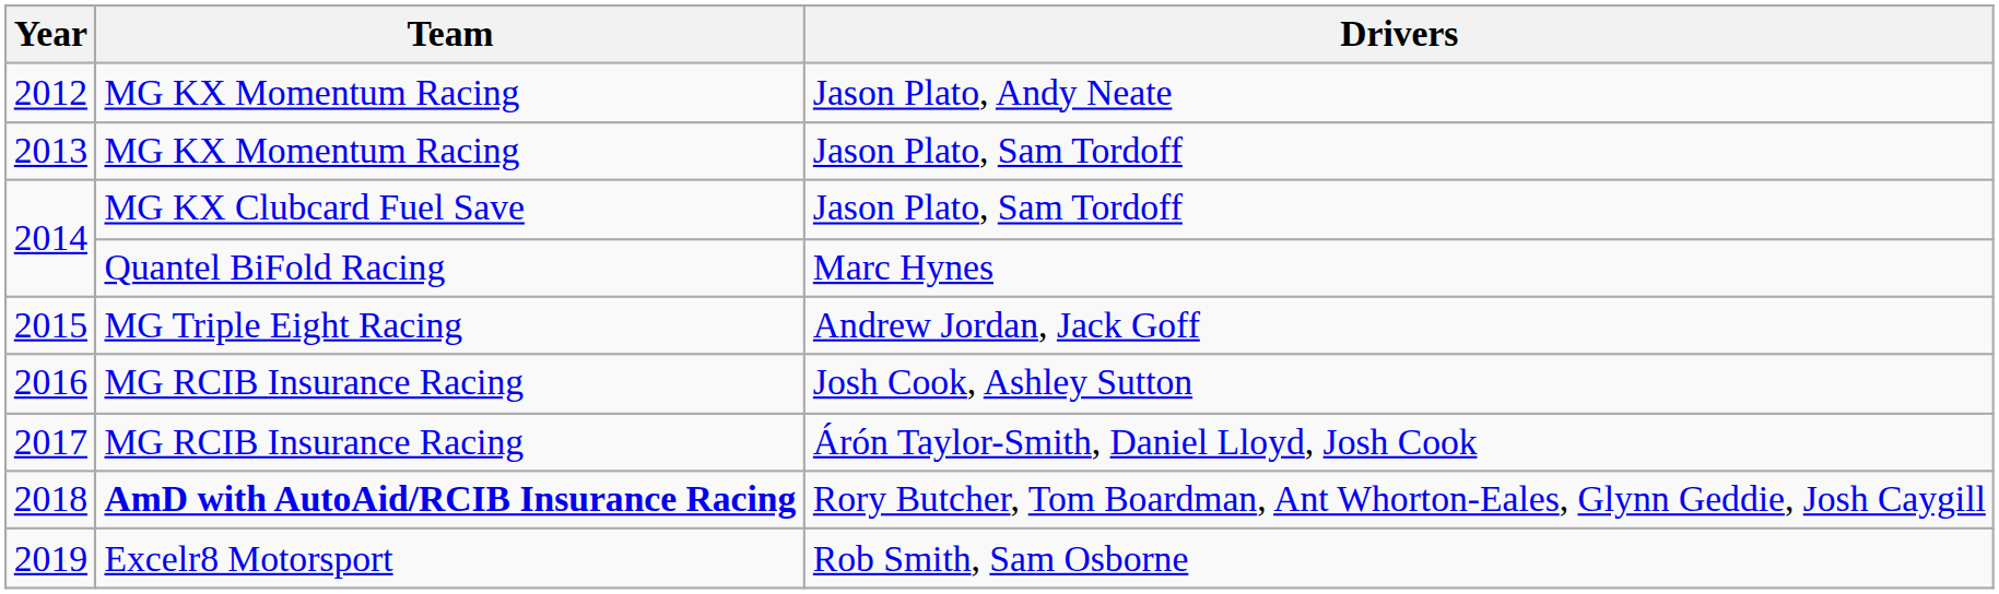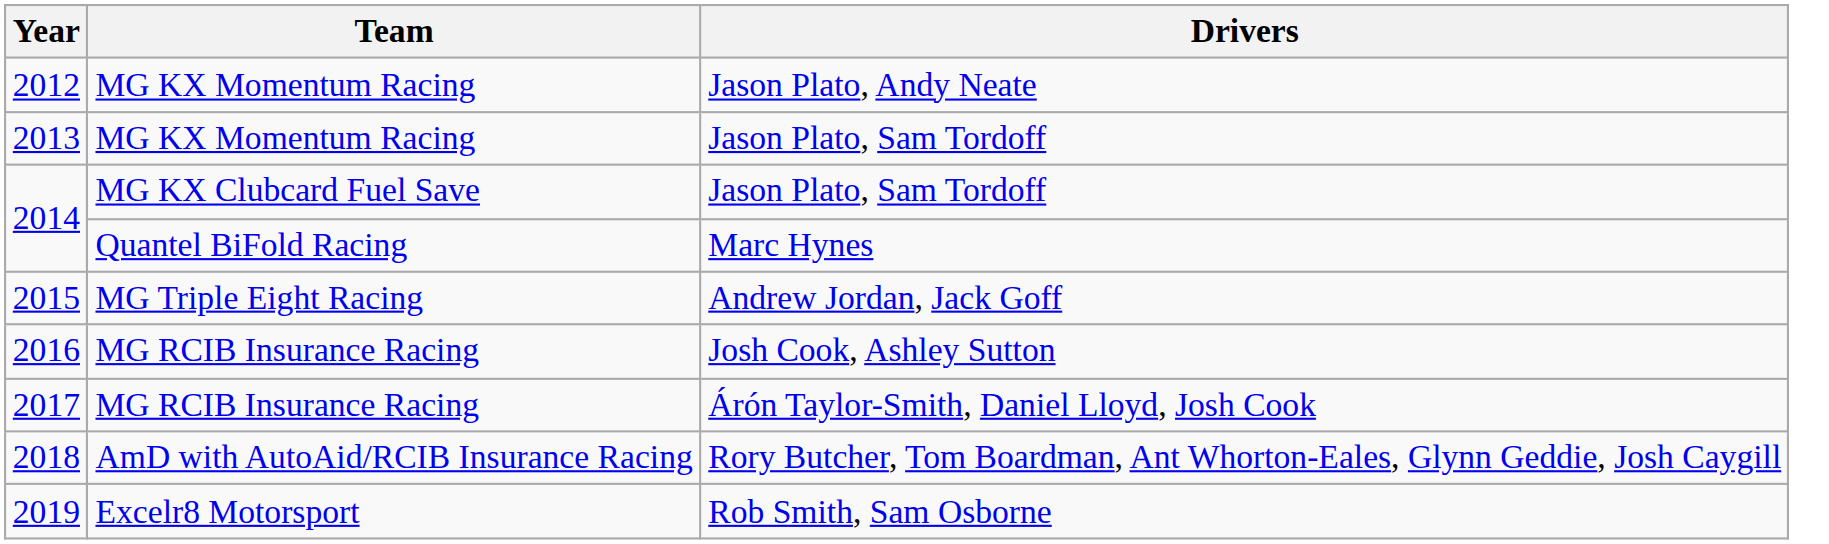 <table class="wikitable">
 <tr>
 <th>Year</th>
 <th>Team</th>
 <th>Drivers</th>
 </tr>
 <tr>
 <td><a href='#'>2012</a></td>
 <td><a href='#'>MG KX Momentum Racing</a></td>
 <td><a href='#'>Jason Plato</a>, <a href='#'>Andy Neate</a></td>
 </tr>
 <tr>
 <td><a href='#'>2013</a></td>
 <td><a href='#'>MG KX Momentum Racing</a></td>
 <td><a href='#'>Jason Plato</a>, <a href='#'>Sam Tordoff</a></td>
 </tr>
 <tr>
 <td rowspan=2><a href='#'>2014</a></td>
 <td><a href='#'>MG KX Clubcard Fuel Save</a></td>
 <td><a href='#'>Jason Plato</a>, <a href='#'>Sam Tordoff</a></td>
 </tr>
 <tr>
 <td><a href='#'>Quantel BiFold Racing</a></td>
 <td><a href='#'>Marc Hynes</a></td>
 </tr>
 <tr>
 <td><a href='#'>2015</a></td>
 <td><a href='#'>MG Triple Eight Racing</a></td>
 <td><a href='#'>Andrew Jordan</a>, <a href='#'>Jack Goff</a></td>
 </tr>
 <tr>
 <td><a href='#'>2016</a></td>
 <td><a href='#'>MG RCIB Insurance Racing</a></td>
 <td><a href='#'>Josh Cook</a>, <a href='#'>Ashley Sutton</a></td>
 </tr>
 <tr>
 <td><a href='#'>2017</a></td>
 <td><a href='#'>MG RCIB Insurance Racing</a></td>
 <td><a href='#'>Árón Taylor-Smith</a>, <a href='#'>Daniel Lloyd</a>, <a href='#'>Josh Cook</a></td>
 </tr>
 <tr>
 <td><a href='#'>2018</a></td>
-<td><strong><a href='#'>AmD with AutoAid/RCIB Insurance Racing</a></strong></td>
+<td><a href='#'>AmD with AutoAid/RCIB Insurance Racing</a></td>
 <td><a href='#'>Rory Butcher</a>, <a href='#'>Tom Boardman</a>, <a href='#'>Ant Whorton-Eales</a>, <a href='#'>Glynn Geddie</a>, <a href='#'>Josh Caygill</a></td>
 </tr>
 <tr>
 <td><a href='#'>2019</a></td>
 <td><a href='#'>Excelr8 Motorsport</a></td>
 <td><a href='#'>Rob Smith</a>, <a href='#'>Sam Osborne</a></td>
 </tr>
 </table>
